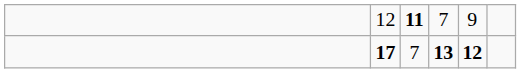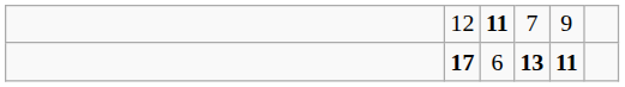 <table class="wikitable">
 <tr>
 <td style="width:18em"></td>
 <td align=center style="width:1em">12</td>
 <td align=center style="width:1em"><strong>11</strong></td>
 <td align=center style="width:1em">7</td>
 <td align=center style="width:1em">9</td>
 <td align=center style="width:1em"></td>
 </tr>
 <tr>
 <td style="width:18em"><strong></strong></td>
 <td align=center style="width:1em"><strong>17</strong></td>
-<td align=center style="width:1em">7</td>
+<td align=center style="width:1em">6</td>
 <td align=center style="width:1em"><strong>13</strong></td>
-<td align=center style="width:1em"><strong>12</strong></td>
+<td align=center style="width:1em"><strong>11</strong></td>
 <td align=center style="width:1em"></td>
 </tr>
 </table>
